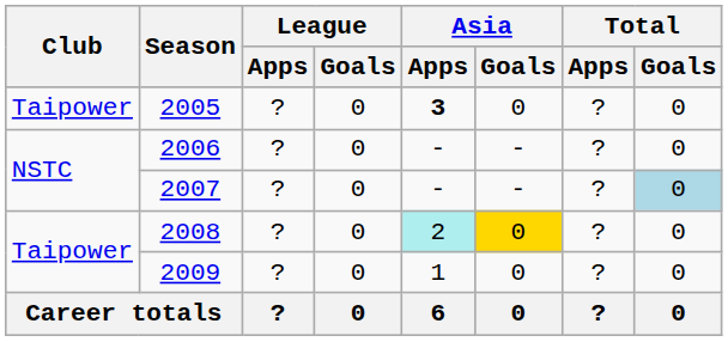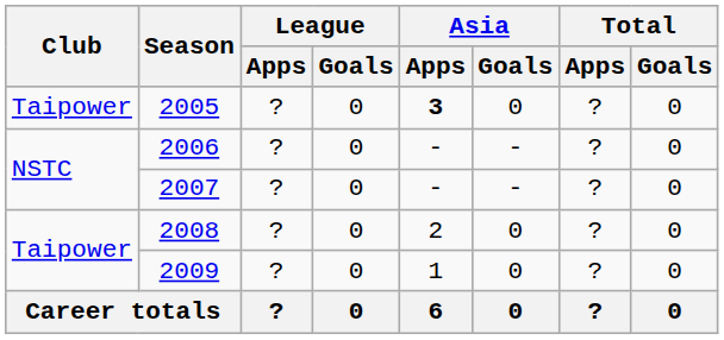 <table class="wikitable" style="text-align: center;">
 <tr>
 <th rowspan="2">Club</th>
 <th rowspan="2">Season</th>
 <th colspan="2">League</th>
 <th colspan="2"><a href='#'>Asia</a></th>
 <th colspan="2">Total</th>
 </tr>
 <tr>
 <th>Apps</th>
 <th>Goals</th>
 <th>Apps</th>
 <th>Goals</th>
 <th>Apps</th>
 <th>Goals</th>
 </tr>
 <tr>
 <td style="text-align: left;"><a href='#'>Taipower</a></td>
 <td><a href='#'>2005</a></td>
 <td>?</td>
 <td>0</td>
 <td><strong>3</strong></td>
 <td>0</td>
 <td>?</td>
 <td>0</td>
 </tr>
 <tr>
 <td style="text-align: left;" rowspan="2"><a href='#'>NSTC</a></td>
 <td><a href='#'>2006</a></td>
 <td>?</td>
 <td>0</td>
 <td>-</td>
 <td>-</td>
 <td>?</td>
 <td>0</td>
 </tr>
 <tr>
 <td><a href='#'>2007</a></td>
 <td>?</td>
 <td>0</td>
 <td>-</td>
 <td>-</td>
 <td>?</td>
-<td style="background: lightblue;">0</td>
+<td>0</td>
 </tr>
 <tr>
 <td style="text-align: left;" rowspan="2"><a href='#'>Taipower</a></td>
 <td><a href='#'>2008</a></td>
 <td>?</td>
 <td>0</td>
-<td style="background: paleturquoise;">2</td>
-<td style="background: gold;">0</td>
+<td>2</td>
+<td>0</td>
 <td>?</td>
 <td>0</td>
 </tr>
 <tr>
 <td><a href='#'>2009</a></td>
 <td>?</td>
 <td>0</td>
 <td>1</td>
 <td>0</td>
 <td>?</td>
 <td>0</td>
 </tr>
 <tr>
 <th colspan="2">Career totals</th>
 <th>?</th>
 <th>0</th>
 <th>6</th>
 <th>0</th>
 <th>?</th>
 <th>0</th>
 </tr>
 </table>
